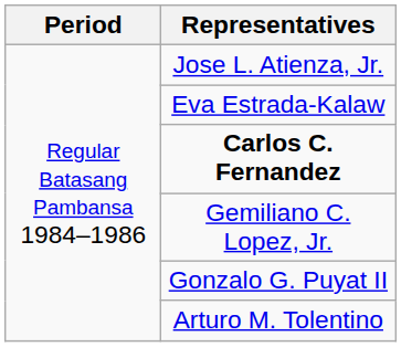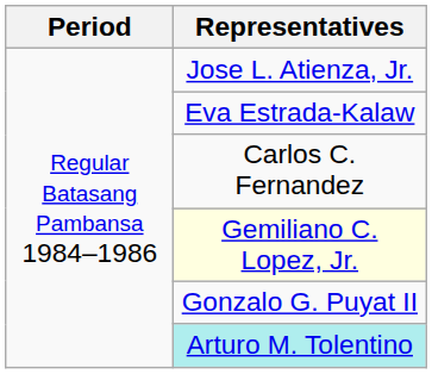 <table class="wikitable" style="text-align:center; width:40%;">
 <tr>
 <th width="40%">Period</th>
 <th>Representatives</th>
 </tr>
 <tr>
 <td rowspan="6"><small><a href='#'>Regular Batasang Pambansa</a></small><br>1984–1986</td>
 <td><a href='#'>Jose L. Atienza, Jr.</a></td>
 </tr>
 <tr>
 <td><a href='#'>Eva Estrada-Kalaw</a></td>
 </tr>
 <tr>
-<td><strong>Carlos C. Fernandez</strong></td>
+<td>Carlos C. Fernandez</td>
 </tr>
 <tr>
-<td><a href='#'>Gemiliano C. Lopez, Jr.</a></td>
+<td style="background: lightyellow;"><a href='#'>Gemiliano C. Lopez, Jr.</a></td>
 </tr>
 <tr>
 <td><a href='#'>Gonzalo G. Puyat II</a></td>
 </tr>
 <tr>
-<td><a href='#'>Arturo M. Tolentino</a></td>
+<td style="background: paleturquoise;"><a href='#'>Arturo M. Tolentino</a></td>
 </tr>
 </table>
